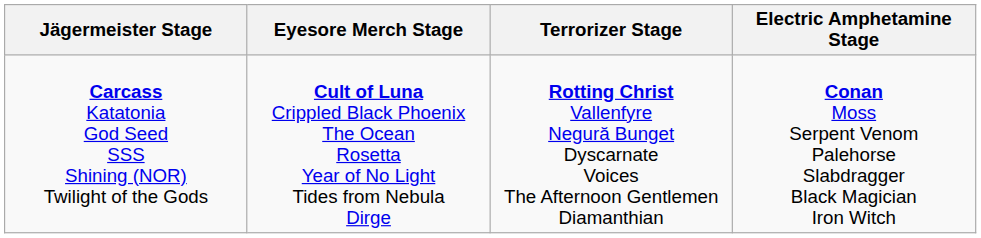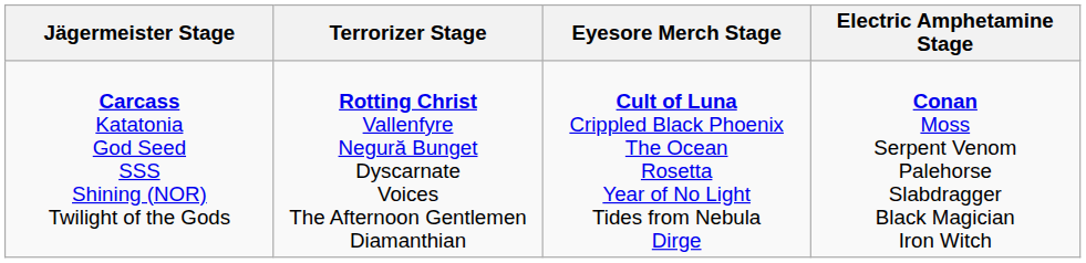 <table class="wikitable">
 <tr>
 <th>Jägermeister Stage</th>
+<th>Terrorizer Stage</th>
 <th>Eyesore Merch Stage</th>
-<th>Terrorizer Stage</th>
 <th>Electric Amphetamine Stage</th>
 </tr>
 <tr>
 <td valign="top" align="center" width=200><br><strong><a href='#'>Carcass</a></strong><br> <a href='#'>Katatonia</a><br> <a href='#'>God Seed</a><br> <a href='#'>SSS</a><br> <a href='#'>Shining (NOR)</a><br> Twilight of the Gods</td>
+<td valign="top" align="center" width=200><br><strong><a href='#'>Rotting Christ</a></strong><br> <a href='#'>Vallenfyre</a><br> <a href='#'>Negură Bunget</a><br> Dyscarnate <br> Voices <br> The Afternoon Gentlemen <br> Diamanthian</td>
 <td valign="top" align="center" width=200><br><strong><a href='#'>Cult of Luna</a></strong><br> <a href='#'>Crippled Black Phoenix</a><br> <a href='#'>The Ocean</a><br> <a href='#'>Rosetta</a><br> <a href='#'>Year of No Light</a><br> Tides from Nebula <br> <a href='#'>Dirge</a></td>
-<td valign="top" align="center" width=200><br><strong><a href='#'>Rotting Christ</a></strong><br> <a href='#'>Vallenfyre</a><br> <a href='#'>Negură Bunget</a><br> Dyscarnate <br> Voices <br> The Afternoon Gentlemen <br> Diamanthian</td>
 <td valign="top" align="center" width=200><br><strong><a href='#'>Conan</a></strong><br> <a href='#'>Moss</a><br> Serpent Venom <br> Palehorse <br> Slabdragger <br> Black Magician <br> Iron Witch</td>
 </tr>
 </table>
